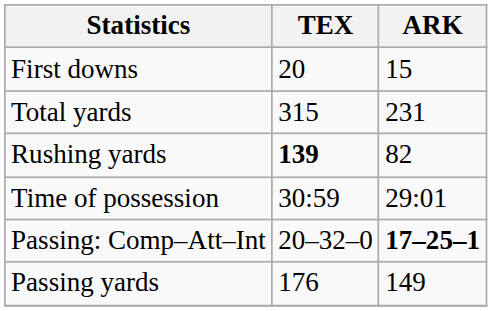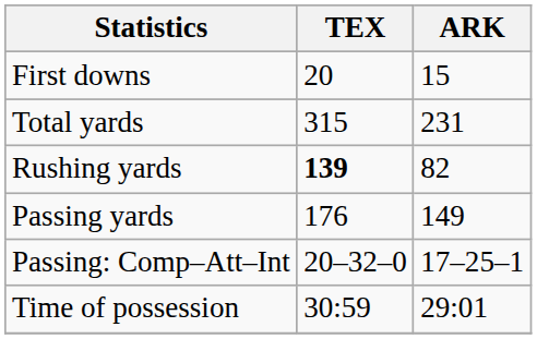 <table class="wikitable" style="float: left;">
 <tr>
 <th>Statistics</th>
 <th>TEX</th>
 <th>ARK</th>
 </tr>
 <tr>
 <td>First downs</td>
 <td>20</td>
 <td>15</td>
 </tr>
 <tr>
 <td>Total yards</td>
 <td>315</td>
 <td>231</td>
 </tr>
 <tr>
 <td>Rushing yards</td>
 <td><strong>139</strong></td>
 <td>82</td>
 </tr>
 <tr>
+<td>Passing yards</td>
+<td>176</td>
+<td>149</td>
+</tr>
+<tr>
+<td>Passing: Comp–Att–Int</td>
+<td>20–32–0</td>
+<td>17–25–1</td>
+</tr>
+<tr>
 <td>Time of possession</td>
 <td>30:59</td>
 <td>29:01</td>
 </tr>
 <tr>
-<td>Passing: Comp–Att–Int</td>
-<td>20–32–0</td>
-<td><strong>17–25–1</strong></td>
-</tr>
-<tr>
-<td>Passing yards</td>
-<td>176</td>
-<td>149</td>
-</tr>
-<tr>
 </tr>
 </table>
